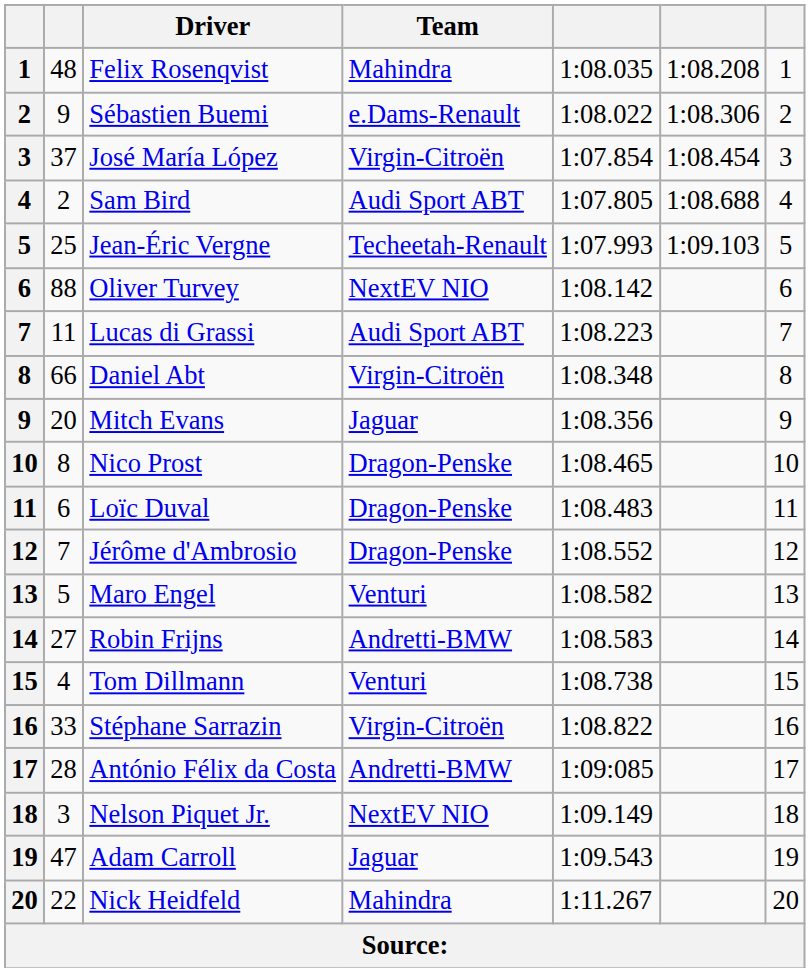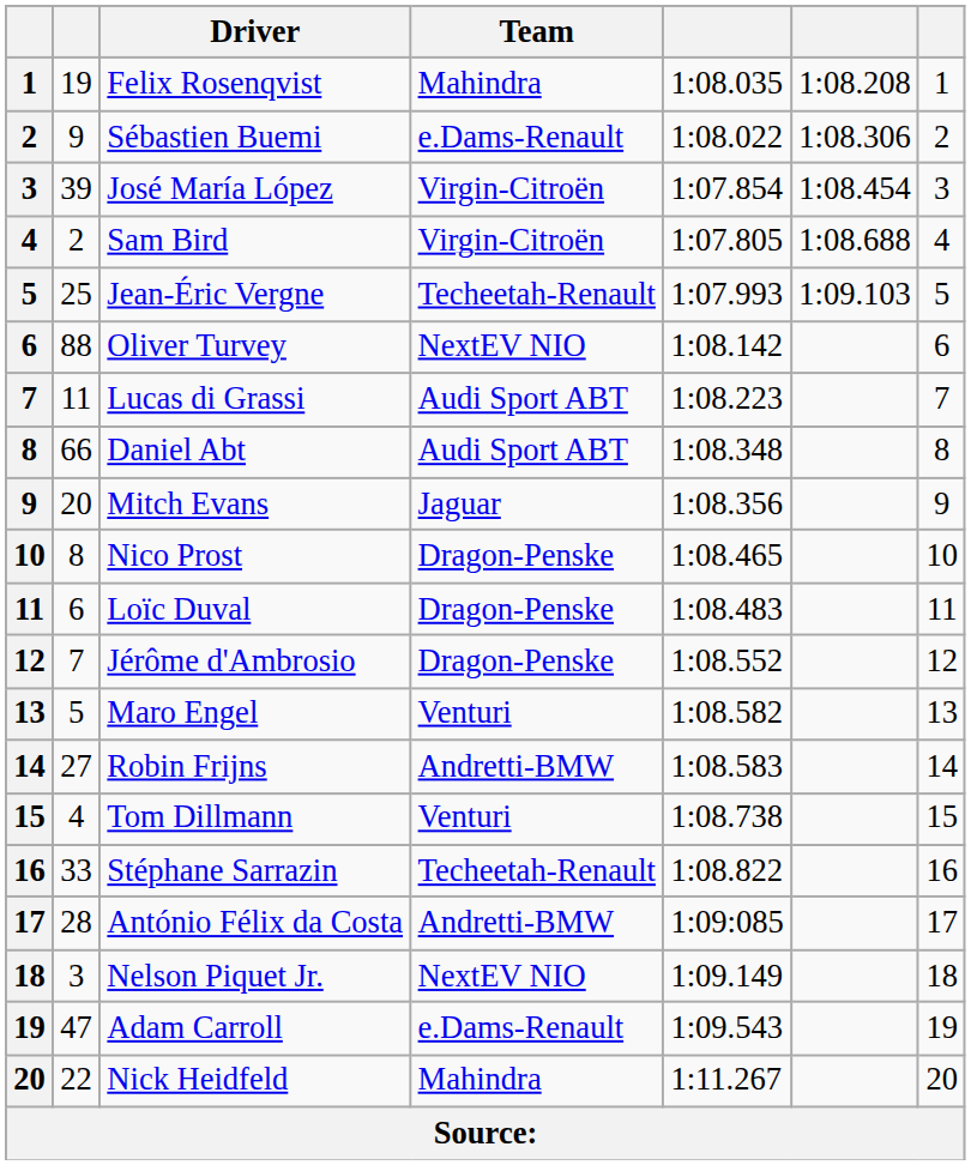 <table class="wikitable sortable" style="font-size: 85%">
 <tr>
 <th scope="col"></th>
 <th scope="col"></th>
 <th scope="col">Driver</th>
 <th scope="col">Team</th>
 <th scope="col"></th>
 <th scope="col"></th>
 <th scope="col"></th>
 </tr>
 <tr>
 <th scope="row">1</th>
-<td align="center">48</td>
+<td align="center">19</td>
 <td data-sort-value="ROS"> <a href='#'>Felix Rosenqvist</a></td>
 <td><a href='#'>Mahindra</a></td>
 <td>1:08.035</td>
 <td>1:08.208</td>
 <td align="center">1</td>
 </tr>
 <tr>
 <th scope="row">2</th>
 <td align="center">9</td>
 <td data-sort-value="BUE"> <a href='#'>Sébastien Buemi</a></td>
 <td><a href='#'>e.Dams-Renault</a></td>
 <td>1:08.022</td>
 <td>1:08.306</td>
 <td align="center">2</td>
 </tr>
 <tr>
 <th scope="row">3</th>
-<td align="center">37</td>
+<td align="center">39</td>
 <td data-sort-value="LOP"> <a href='#'>José María López</a></td>
 <td><a href='#'>Virgin-Citroën</a></td>
 <td>1:07.854</td>
 <td>1:08.454</td>
 <td align="center">3</td>
 </tr>
 <tr>
 <th scope="row">4</th>
 <td align="center">2</td>
 <td data-sort-value="BIR"> <a href='#'>Sam Bird</a></td>
-<td><a href='#'>Audi Sport ABT</a></td>
+<td><a href='#'>Virgin-Citroën</a></td>
 <td>1:07.805</td>
 <td>1:08.688</td>
 <td align="center">4</td>
 </tr>
 <tr>
 <th scope="row">5</th>
 <td align="center">25</td>
 <td data-sort-value="VER"> <a href='#'>Jean-Éric Vergne</a></td>
 <td><a href='#'>Techeetah-Renault</a></td>
 <td>1:07.993</td>
 <td>1:09.103</td>
 <td align="center">5</td>
 </tr>
 <tr>
 <th scope="row">6</th>
 <td align="center">88</td>
 <td data-sort-value="TUR"> <a href='#'>Oliver Turvey</a></td>
 <td><a href='#'>NextEV NIO</a></td>
 <td>1:08.142</td>
 <td></td>
 <td align="center">6</td>
 </tr>
 <tr>
 <th scope="row">7</th>
 <td align="center">11</td>
 <td data-sort-value="DIG"> <a href='#'>Lucas di Grassi</a></td>
 <td><a href='#'>Audi Sport ABT</a></td>
 <td>1:08.223</td>
 <td></td>
 <td align="center">7</td>
 </tr>
 <tr>
 <th scope="row">8</th>
 <td align="center">66</td>
 <td data-sort-value="ABT"> <a href='#'>Daniel Abt</a></td>
-<td><a href='#'>Virgin-Citroën</a></td>
+<td><a href='#'>Audi Sport ABT</a></td>
 <td>1:08.348</td>
 <td></td>
 <td align="center">8</td>
 </tr>
 <tr>
 <th scope="row">9</th>
 <td align="center">20</td>
 <td data-sort-value="EVA"> <a href='#'>Mitch Evans</a></td>
 <td><a href='#'>Jaguar</a></td>
 <td>1:08.356</td>
 <td></td>
 <td align="center">9</td>
 </tr>
 <tr>
 <th scope="row">10</th>
 <td align="center">8</td>
 <td data-sort-value="PRO"> <a href='#'>Nico Prost</a></td>
 <td><a href='#'>Dragon-Penske</a></td>
 <td>1:08.465</td>
 <td></td>
 <td align="center">10</td>
 </tr>
 <tr>
 <th scope="row">11</th>
 <td align="center">6</td>
 <td data-sort-value="DUV"> <a href='#'>Loïc Duval</a></td>
 <td><a href='#'>Dragon-Penske</a></td>
 <td>1:08.483</td>
 <td></td>
 <td align="center">11</td>
 </tr>
 <tr>
 <th scope="row">12</th>
 <td align="center">7</td>
 <td data-sort-value="DAM"> <a href='#'>Jérôme d'Ambrosio</a></td>
 <td><a href='#'>Dragon-Penske</a></td>
 <td>1:08.552</td>
 <td></td>
 <td align="center">12</td>
 </tr>
 <tr>
 <th scope="row">13</th>
 <td align="center">5</td>
 <td data-sort-value="DAM"> <a href='#'>Maro Engel</a></td>
 <td><a href='#'>Venturi</a></td>
 <td>1:08.582</td>
 <td></td>
 <td align="center">13</td>
 </tr>
 <tr>
 <th scope="row">14</th>
 <td align="center">27</td>
 <td data-sort-value="FRI"> <a href='#'>Robin Frijns</a></td>
 <td><a href='#'>Andretti-BMW</a></td>
 <td>1:08.583</td>
 <td></td>
 <td align="center">14</td>
 </tr>
 <tr>
 <th scope="row">15</th>
 <td align="center">4</td>
 <td data-sort-value="DIL"> <a href='#'>Tom Dillmann</a></td>
 <td><a href='#'>Venturi</a></td>
 <td>1:08.738</td>
 <td></td>
 <td align="center">15</td>
 </tr>
 <tr>
 <th scope="row">16</th>
 <td align="center">33</td>
 <td data-sort-value="SAR"> <a href='#'>Stéphane Sarrazin</a></td>
-<td><a href='#'>Virgin-Citroën</a></td>
+<td><a href='#'>Techeetah-Renault</a></td>
 <td>1:08.822</td>
 <td></td>
 <td align="center">16</td>
 </tr>
 <tr>
 <th scope="row">17</th>
 <td align="center">28</td>
 <td data-sort-value="FDC"> <a href='#'>António Félix da Costa</a></td>
 <td><a href='#'>Andretti-BMW</a></td>
 <td>1:09:085</td>
 <td></td>
 <td align="center">17</td>
 </tr>
 <tr>
 <th scope="row">18</th>
 <td align="center">3</td>
 <td data-sort-value="PIQ"> <a href='#'>Nelson Piquet Jr.</a></td>
 <td><a href='#'>NextEV NIO</a></td>
 <td>1:09.149</td>
 <td></td>
 <td align="center">18</td>
 </tr>
 <tr>
 <th scope="row">19</th>
 <td align="center">47</td>
 <td data-sort-value="CAR"> <a href='#'>Adam Carroll</a></td>
-<td><a href='#'>Jaguar</a></td>
+<td><a href='#'>e.Dams-Renault</a></td>
 <td>1:09.543</td>
 <td></td>
 <td align="center">19</td>
 </tr>
 <tr>
 <th scope="row">20</th>
 <td align="center">22</td>
 <td data-sort-value="HEI"> <a href='#'>Nick Heidfeld</a></td>
 <td><a href='#'>Mahindra</a></td>
 <td>1:11.267</td>
 <td></td>
 <td align="center">20</td>
 </tr>
 <tr>
 <th colspan="7">Source:</th>
 </tr>
 </table>
